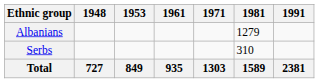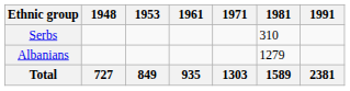 <table class="wikitable" border="1">
 <tr>
 <th>Ethnic group</th>
 <th style=width:3em>1948</th>
 <th style=width:3em>1953</th>
 <th style=width:3em>1961</th>
 <th style=width:3em>1971</th>
 <th style=width:3em>1981</th>
 <th style=width:3em>1991</th>
 </tr>
 <tr>
+<th style=font-weight:300><a href='#'>Serbs</a></th>
+<td></td>
+<td></td>
+<td></td>
+<td></td>
+<td>310</td>
+<td></td>
+</tr>
+<tr>
 <th style=font-weight:300><a href='#'>Albanians</a></th>
 <td></td>
 <td></td>
 <td></td>
 <td></td>
 <td>1279</td>
-<td></td>
-</tr>
-<tr>
-<th style=font-weight:300><a href='#'>Serbs</a></th>
-<td></td>
-<td></td>
-<td></td>
-<td></td>
-<td>310</td>
 <td></td>
 </tr>
 <tr>
 <th>Total</th>
 <th>727</th>
 <th>849</th>
 <th>935</th>
 <th>1303</th>
 <th>1589</th>
 <th>2381</th>
 </tr>
 </table>
